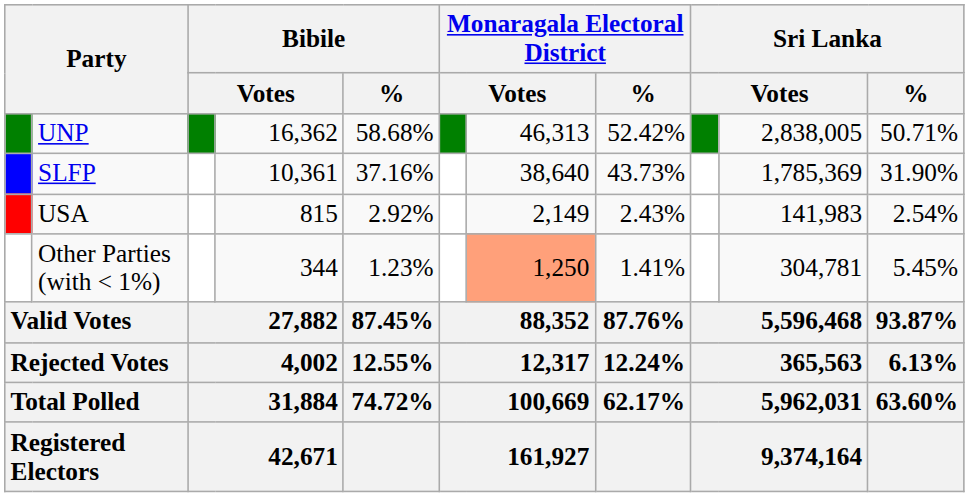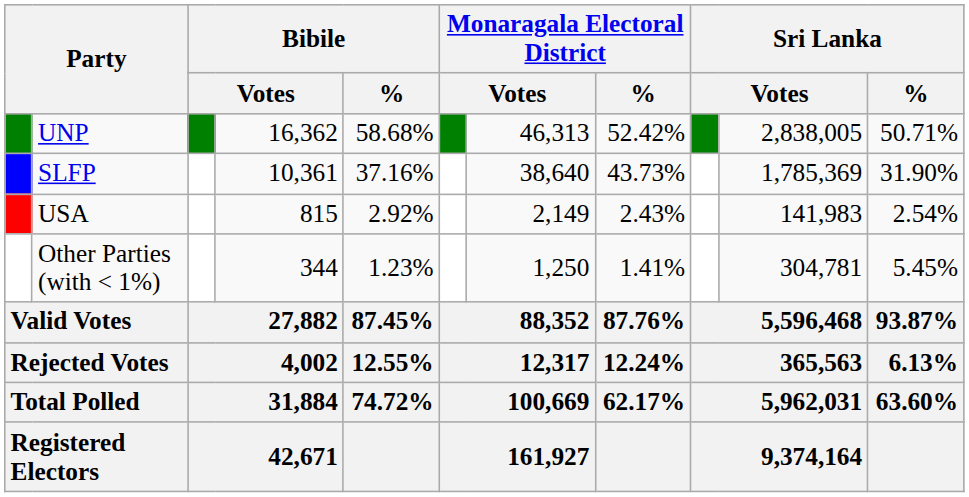 <table class="wikitable">
 <tr>
 <th colspan="2" width="144px"rowspan="2">Party</th>
 <th colspan="3" width="216px">Bibile</th>
 <th colspan="3" width="216px"><a href='#'>Monaragala Electoral District</a></th>
 <th colspan="3" width="216px">Sri Lanka</th>
 </tr>
 <tr>
 <th colspan="2" width="144px">Votes</th>
 <th>%</th>
 <th colspan="2" width="144px">Votes</th>
 <th>%</th>
 <th colspan="2" width="144px">Votes</th>
 <th>%</th>
 </tr>
 <tr>
 <td style="background-color:green;" width="10px"></td>
 <td style="text-align:left;"><a href='#'>UNP</a></td>
 <td style="background-color:green;" width="10px"></td>
 <td style="text-align:right;">16,362</td>
 <td style="text-align:right;">58.68%</td>
 <td style="background-color:green;" width="10px"></td>
 <td style="text-align:right;">46,313</td>
 <td style="text-align:right;">52.42%</td>
 <td style="background-color:green;" width="10px"></td>
 <td style="text-align:right;">2,838,005</td>
 <td style="text-align:right;">50.71%</td>
 </tr>
 <tr>
 <td style="background-color:blue;" width="10px"></td>
 <td style="text-align:left;"><a href='#'>SLFP</a></td>
 <td style="background-color:white;" width="10px"></td>
 <td style="text-align:right;">10,361</td>
 <td style="text-align:right;">37.16%</td>
 <td style="background-color:white;" width="10px"></td>
 <td style="text-align:right;">38,640</td>
 <td style="text-align:right;">43.73%</td>
 <td style="background-color:white;" width="10px"></td>
 <td style="text-align:right;">1,785,369</td>
 <td style="text-align:right;">31.90%</td>
 </tr>
 <tr>
 <td style="background-color:red;" width="10px"></td>
 <td style="text-align:left;">USA</td>
 <td style="background-color:white;" width="10px"></td>
 <td style="text-align:right;">815</td>
 <td style="text-align:right;">2.92%</td>
 <td style="background-color:white;" width="10px"></td>
 <td style="text-align:right;">2,149</td>
 <td style="text-align:right;">2.43%</td>
 <td style="background-color:white;" width="10px"></td>
 <td style="text-align:right;">141,983</td>
 <td style="text-align:right;">2.54%</td>
 </tr>
 <tr>
 <td style="background-color:white;" width="10px"></td>
 <td style="text-align:left;">Other Parties (with < 1%)</td>
 <td style="background-color:white;" width="10px"></td>
 <td style="text-align:right;">344</td>
 <td style="text-align:right;">1.23%</td>
 <td style="background-color:white;" width="10px"></td>
-<td style="background: lightsalmon; text-align:right;">1,250</td>
+<td style="text-align:right;">1,250</td>
 <td style="text-align:right;">1.41%</td>
 <td style="background-color:white;" width="10px"></td>
 <td style="text-align:right;">304,781</td>
 <td style="text-align:right;">5.45%</td>
 </tr>
 <tr>
 <th colspan="2" width="144px"style="text-align:left;">Valid Votes</th>
 <th style="text-align:right;"colspan="2" width="144px">27,882</th>
 <th style="text-align:right;">87.45%</th>
 <th style="text-align:right;"colspan="2" width="144px">88,352</th>
 <th style="text-align:right;">87.76%</th>
 <th style="text-align:right;"colspan="2" width="144px">5,596,468</th>
 <th style="text-align:right;">93.87%</th>
 </tr>
 <tr>
 <th colspan="2" width="144px"style="text-align:left;">Rejected Votes</th>
 <th style="text-align:right;"colspan="2" width="144px">4,002</th>
 <th style="text-align:right;">12.55%</th>
 <th style="text-align:right;"colspan="2" width="144px">12,317</th>
 <th style="text-align:right;">12.24%</th>
 <th style="text-align:right;"colspan="2" width="144px">365,563</th>
 <th style="text-align:right;">6.13%</th>
 </tr>
 <tr>
 <th colspan="2" width="144px"style="text-align:left;">Total Polled</th>
 <th style="text-align:right;"colspan="2" width="144px">31,884</th>
 <th style="text-align:right;">74.72%</th>
 <th style="text-align:right;"colspan="2" width="144px">100,669</th>
 <th style="text-align:right;">62.17%</th>
 <th style="text-align:right;"colspan="2" width="144px">5,962,031</th>
 <th style="text-align:right;">63.60%</th>
 </tr>
 <tr>
 <th colspan="2" width="144px"style="text-align:left;">Registered Electors</th>
 <th style="text-align:right;"colspan="2" width="144px">42,671</th>
 <th></th>
 <th style="text-align:right;"colspan="2" width="144px">161,927</th>
 <th></th>
 <th style="text-align:right;"colspan="2" width="144px">9,374,164</th>
 <th></th>
 </tr>
 </table>
